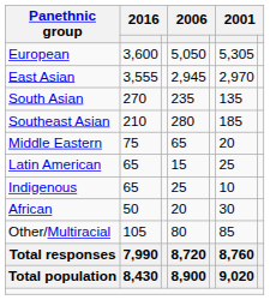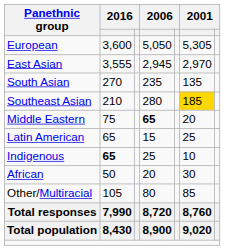 <table class="wikitable sortable">
 <tr>
 <th rowspan="2"><a href='#'>Panethnic</a><br>group</th>
 <th colspan="2">2016</th>
 <th colspan="2">2006</th>
 <th colspan="2">2001</th>
 </tr>
 <tr>
 <th><a href='#'></a></th>
 <th></th>
 <th></th>
 <th></th>
 <th></th>
 <th></th>
 </tr>
 <tr>
 <td><a href='#'>European</a></td>
 <td>3,600</td>
 <td></td>
 <td>5,050</td>
 <td></td>
 <td>5,305</td>
 <td></td>
 </tr>
 <tr>
 <td><a href='#'>East Asian</a></td>
 <td>3,555</td>
 <td></td>
 <td>2,945</td>
 <td></td>
 <td>2,970</td>
 <td></td>
 </tr>
 <tr>
 <td><a href='#'>South Asian</a></td>
 <td>270</td>
 <td></td>
 <td>235</td>
 <td></td>
 <td>135</td>
 <td></td>
 </tr>
 <tr>
 <td><a href='#'>Southeast Asian</a></td>
 <td>210</td>
 <td></td>
 <td>280</td>
 <td></td>
-<td>185</td>
+<td style="background: gold;">185</td>
 <td></td>
 </tr>
 <tr>
 <td><a href='#'>Middle Eastern</a></td>
 <td>75</td>
 <td></td>
-<td>65</td>
+<td><strong>65</strong></td>
 <td></td>
 <td>20</td>
 <td></td>
 </tr>
 <tr>
 <td><a href='#'>Latin American</a></td>
 <td>65</td>
 <td></td>
 <td>15</td>
 <td></td>
 <td>25</td>
 <td></td>
 </tr>
 <tr>
 <td><a href='#'>Indigenous</a></td>
-<td>65</td>
+<td><strong>65</strong></td>
 <td></td>
 <td>25</td>
 <td></td>
 <td>10</td>
 <td></td>
 </tr>
 <tr>
 <td><a href='#'>African</a></td>
 <td>50</td>
 <td></td>
 <td>20</td>
 <td></td>
 <td>30</td>
 <td></td>
 </tr>
 <tr>
 <td>Other/<a href='#'>Multiracial</a></td>
 <td>105</td>
 <td></td>
 <td>80</td>
 <td></td>
 <td>85</td>
 <td></td>
 </tr>
 <tr>
 <th>Total responses</th>
 <th>7,990</th>
 <th></th>
 <th>8,720</th>
 <th></th>
 <th>8,760</th>
 <th></th>
 </tr>
 <tr>
 <th>Total population</th>
 <th>8,430</th>
 <th></th>
 <th>8,900</th>
 <th></th>
 <th>9,020</th>
 <th></th>
 </tr>
 <tr class="sortbottom">
 <td colspan="10"></td>
 </tr>
 </table>
